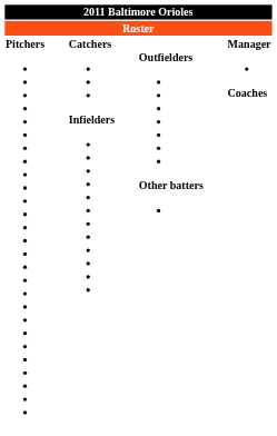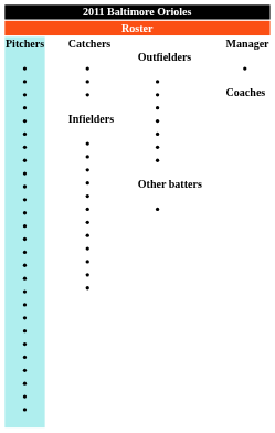 <table class="toccolours" style="font-size: 95%;">
 <tr>
 <th colspan="10" style="background:black; color:#fff; text-align:center;">2011 Baltimore Orioles</th>
 </tr>
 <tr>
 <td colspan="10" style="background:#fb4f14; color:white; text-align:center;"><strong>Roster</strong></td>
 </tr>
 <tr>
-<td valign="top"><strong>Pitchers</strong><br><ul><li></li><li></li><li></li><li></li><li></li><li></li><li></li><li></li><li></li><li></li><li></li><li></li><li></li><li></li><li></li><li></li><li></li><li></li><li></li><li></li><li></li><li></li><li></li><li></li><li></li><li></li><li></li></ul></td>
+<td valign="top" style="background: paleturquoise;"><strong>Pitchers</strong><br><ul><li></li><li></li><li></li><li></li><li></li><li></li><li></li><li></li><li></li><li></li><li></li><li></li><li></li><li></li><li></li><li></li><li></li><li></li><li></li><li></li><li></li><li></li><li></li><li></li><li></li><li></li><li></li></ul></td>
 <td style="width:25px;"></td>
 <td valign="top"><strong>Catchers</strong><br><ul><li></li><li></li><li></li></ul><strong>Infielders</strong><ul><li></li><li></li><li></li><li></li><li></li><li></li><li></li><li></li><li></li><li></li><li></li><li></li></ul></td>
 <td style="width:25px;"></td>
 <td valign="top"><br><strong>Outfielders</strong><ul><li></li><li></li><li></li><li></li><li></li><li></li><li></li></ul><strong>Other batters</strong><ul><li></li></ul></td>
 <td style="width:25px;"></td>
 <td valign="top"><strong>Manager</strong><br><ul><li></li></ul><strong>Coaches</strong>                </td>
 </tr>
 </table>
